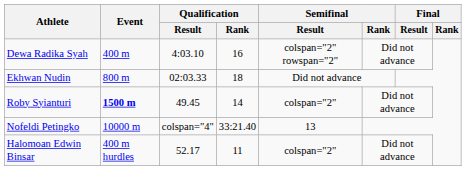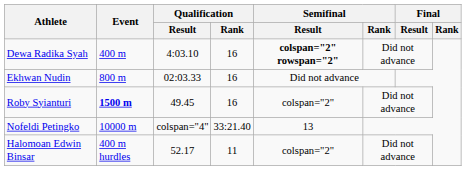 <table class=wikitable style=font-size:88%;text-align:center>
 <tr>
 <th rowspan=2>Athlete</th>
 <th rowspan=2>Event</th>
 <th colspan=2>Qualification</th>
 <th colspan=2>Semifinal</th>
 <th colspan=2>Final</th>
 </tr>
 <tr style="font-size:95%">
 <th>Result</th>
 <th>Rank</th>
 <th>Result</th>
 <th>Rank</th>
 <th>Result</th>
 <th>Rank</th>
 </tr>
 <tr>
 <td style="text-align:left"><a href='#'>Dewa Radika Syah</a></td>
 <td style="text-align:left" rowspan=1><a href='#'>400 m</a></td>
 <td>4:03.10</td>
 <td>16</td>
-<td>colspan="2" rowspan="2" </td>
+<td><strong>colspan="2" rowspan="2" </strong></td>
 <td colspan="2">Did not advance</td>
 </tr>
 <tr>
 <td style="text-align:left"><a href='#'>Ekhwan Nudin</a></td>
 <td style="text-align:left" rowspan=1><a href='#'>800 m</a></td>
 <td>02:03.33</td>
-<td>18</td>
+<td>16</td>
 <td colspan="2">Did not advance</td>
 </tr>
 <tr>
 <td style="text-align:left"><a href='#'>Roby Syianturi</a></td>
 <td style="text-align:left" rowspan=1><strong><a href='#'>1500 m</a></strong></td>
 <td>49.45</td>
-<td>14</td>
+<td>16</td>
 <td>colspan="2" </td>
 <td colspan="2">Did not advance</td>
 </tr>
 <tr>
 <td style="text-align:left"><a href='#'>Nofeldi Petingko</a></td>
 <td style="text-align:left" rowspan=1><a href='#'>10000 m</a></td>
 <td>colspan="4" </td>
 <td>33:21.40</td>
 <td>13</td>
 </tr>
 <tr>
 <td style="text-align:left"><a href='#'>Halomoan Edwin Binsar</a></td>
 <td style="text-align:left" rowspan=1><a href='#'>400 m hurdles</a></td>
 <td>52.17</td>
 <td>11</td>
 <td>colspan="2" </td>
 <td colspan="2">Did not advance</td>
 </tr>
 </table>
